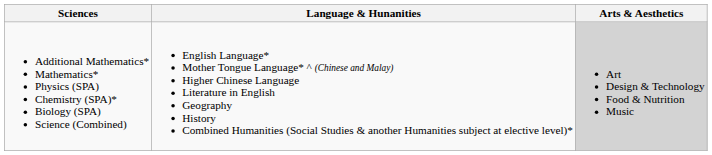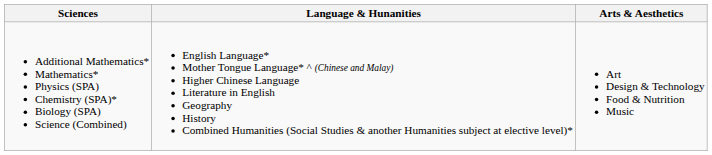 <table class="wikitable">
 <tr>
 <th>Sciences</th>
 <th><strong>Language & Hunanities</strong></th>
 <th><strong>Arts & Aesthetics</strong></th>
 </tr>
 <tr>
 <td><br><ul><li>Additional Mathematics*</li><li>Mathematics*</li><li>Physics (SPA)</li><li>Chemistry (SPA)*</li><li>Biology (SPA)</li><li>Science (Combined)</li></ul></td>
 <td><br><ul><li>English Language*</li><li>Mother Tongue Language* ^ <small><em>(Chinese and Malay)</em></small></li><li>Higher Chinese Language</li><li>Literature in English</li><li>Geography</li><li>History</li><li>Combined Humanities (Social Studies & another Humanities subject at elective level)*</li></ul></td>
-<td style="background: lightgrey;"><br><ul><li>Art</li><li>Design & Technology</li><li>Food & Nutrition</li><li>Music</li></ul></td>
+<td><br><ul><li>Art</li><li>Design & Technology</li><li>Food & Nutrition</li><li>Music</li></ul></td>
 </tr>
 </table>
